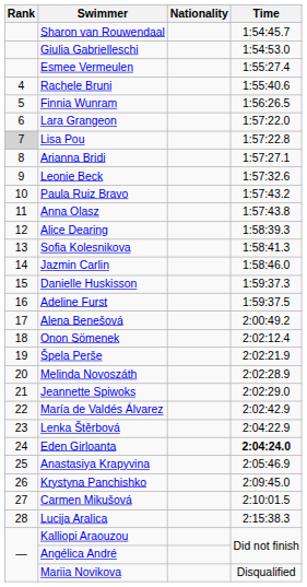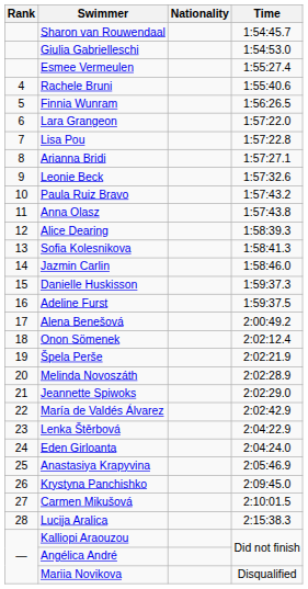 <table class="wikitable sortable" border="1" style="text-align:center">
 <tr>
 <th>Rank</th>
 <th>Swimmer</th>
 <th>Nationality</th>
 <th>Time</th>
 </tr>
 <tr>
 <td></td>
 <td align=left><a href='#'>Sharon van Rouwendaal</a></td>
 <td align=left></td>
 <td>1:54:45.7</td>
 </tr>
 <tr>
 <td></td>
 <td align=left><a href='#'>Giulia Gabrielleschi</a></td>
 <td align=left></td>
 <td>1:54:53.0</td>
 </tr>
 <tr>
 <td></td>
 <td align=left><a href='#'>Esmee Vermeulen</a></td>
 <td align=left></td>
 <td>1:55:27.4</td>
 </tr>
 <tr>
 <td>4</td>
 <td align=left><a href='#'>Rachele Bruni</a></td>
 <td align=left></td>
 <td>1:55:40.6</td>
 </tr>
 <tr>
 <td>5</td>
 <td align=left><a href='#'>Finnia Wunram</a></td>
 <td align=left></td>
 <td>1:56:26.5</td>
 </tr>
 <tr>
 <td>6</td>
 <td align=left><a href='#'>Lara Grangeon</a></td>
 <td align=left></td>
 <td>1:57:22.0</td>
 </tr>
 <tr>
-<td style="background: lightgrey;">7</td>
+<td>7</td>
 <td align=left><a href='#'>Lisa Pou</a></td>
 <td align=left></td>
 <td>1:57:22.8</td>
 </tr>
 <tr>
 <td>8</td>
 <td align=left><a href='#'>Arianna Bridi</a></td>
 <td align=left></td>
 <td>1:57:27.1</td>
 </tr>
 <tr>
 <td>9</td>
 <td align=left><a href='#'>Leonie Beck</a></td>
 <td align=left></td>
 <td>1:57:32.6</td>
 </tr>
 <tr>
 <td>10</td>
 <td align=left><a href='#'>Paula Ruiz Bravo</a></td>
 <td align=left></td>
 <td>1:57:43.2</td>
 </tr>
 <tr>
 <td>11</td>
 <td align=left><a href='#'>Anna Olasz</a></td>
 <td align=left></td>
 <td>1:57:43.8</td>
 </tr>
 <tr>
 <td>12</td>
 <td align=left><a href='#'>Alice Dearing</a></td>
 <td align=left></td>
 <td>1:58:39.3</td>
 </tr>
 <tr>
 <td>13</td>
 <td align=left><a href='#'>Sofia Kolesnikova</a></td>
 <td align=left></td>
 <td>1:58:41.3</td>
 </tr>
 <tr>
 <td>14</td>
 <td align=left><a href='#'>Jazmin Carlin</a></td>
 <td align=left></td>
 <td>1:58:46.0</td>
 </tr>
 <tr>
 <td>15</td>
 <td align=left><a href='#'>Danielle Huskisson</a></td>
 <td align=left></td>
 <td>1:59:37.3</td>
 </tr>
 <tr>
 <td>16</td>
 <td align=left><a href='#'>Adeline Furst</a></td>
 <td align=left></td>
 <td>1:59:37.5</td>
 </tr>
 <tr>
 <td>17</td>
 <td align=left><a href='#'>Alena Benešová</a></td>
 <td align=left></td>
 <td>2:00:49.2</td>
 </tr>
 <tr>
 <td>18</td>
 <td align=left><a href='#'>Onon Sömenek</a></td>
 <td align=left></td>
 <td>2:02:12.4</td>
 </tr>
 <tr>
 <td>19</td>
 <td align=left><a href='#'>Špela Perše</a></td>
 <td align=left></td>
 <td>2:02:21.9</td>
 </tr>
 <tr>
 <td>20</td>
 <td align=left><a href='#'>Melinda Novoszáth</a></td>
 <td align=left></td>
 <td>2:02:28.9</td>
 </tr>
 <tr>
 <td>21</td>
 <td align=left><a href='#'>Jeannette Spiwoks</a></td>
 <td align=left></td>
 <td>2:02:29.0</td>
 </tr>
 <tr>
 <td>22</td>
 <td align=left><a href='#'>María de Valdés Álvarez</a></td>
 <td align=left></td>
 <td>2:02:42.9</td>
 </tr>
 <tr>
 <td>23</td>
 <td align=left><a href='#'>Lenka Štěrbová</a></td>
 <td align=left></td>
 <td>2:04:22.9</td>
 </tr>
 <tr>
 <td>24</td>
 <td align=left><a href='#'>Eden Girloanta</a></td>
 <td align=left></td>
-<td><strong>2:04:24.0</strong></td>
+<td>2:04:24.0</td>
 </tr>
 <tr>
 <td>25</td>
 <td align=left><a href='#'>Anastasiya Krapyvina</a></td>
 <td align=left></td>
 <td>2:05:46.9</td>
 </tr>
 <tr>
 <td>26</td>
 <td align=left><a href='#'>Krystyna Panchishko</a></td>
 <td align=left></td>
 <td>2:09:45.0</td>
 </tr>
 <tr>
 <td>27</td>
 <td align=left><a href='#'>Carmen Mikušová</a></td>
 <td align=left></td>
 <td>2:10:01.5</td>
 </tr>
 <tr>
 <td>28</td>
 <td align=left><a href='#'>Lucija Aralica</a></td>
 <td align=left></td>
 <td>2:15:38.3</td>
 </tr>
 <tr>
 <td rowspan=3>—</td>
 <td align=left><a href='#'>Kalliopi Araouzou</a></td>
 <td align=left></td>
 <td rowspan=2>Did not finish</td>
 </tr>
 <tr>
 <td align=left><a href='#'>Angélica André</a></td>
 <td align=left></td>
 </tr>
 <tr>
 <td align=left><a href='#'>Mariia Novikova</a></td>
 <td align=left></td>
 <td>Disqualified</td>
 </tr>
 </table>
